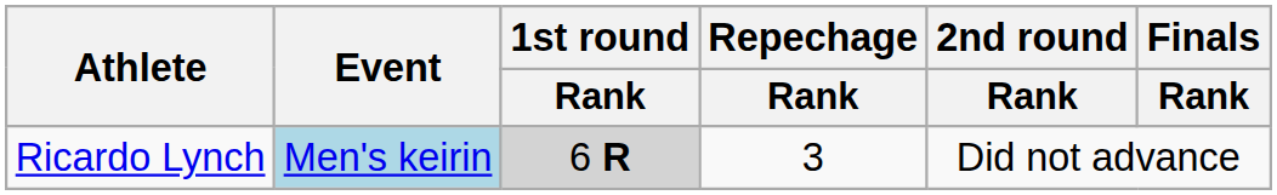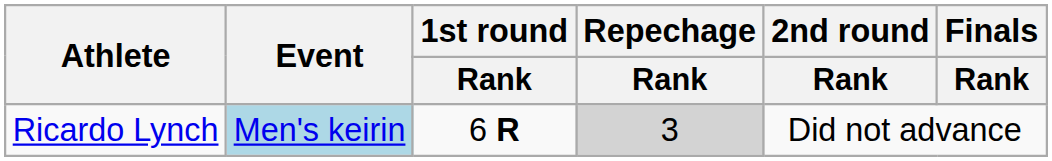 <table class=wikitable style="font-size:90%">
 <tr>
 <th rowspan="2">Athlete</th>
 <th rowspan="2">Event</th>
 <th>1st round</th>
 <th>Repechage</th>
 <th>2nd round</th>
 <th>Finals</th>
 </tr>
 <tr style="font-size:95%">
 <th>Rank</th>
 <th>Rank</th>
 <th>Rank</th>
 <th>Rank</th>
 </tr>
 <tr align=center>
 <td align=left><a href='#'>Ricardo Lynch</a></td>
 <td align=left style="background: lightblue;"><a href='#'>Men's keirin</a></td>
-<td style="background: lightgrey;">6 <strong>R</strong></td>
-<td>3</td>
+<td>6 <strong>R</strong></td>
+<td style="background: lightgrey;">3</td>
 <td colspan=2>Did not advance</td>
 </tr>
 </table>
